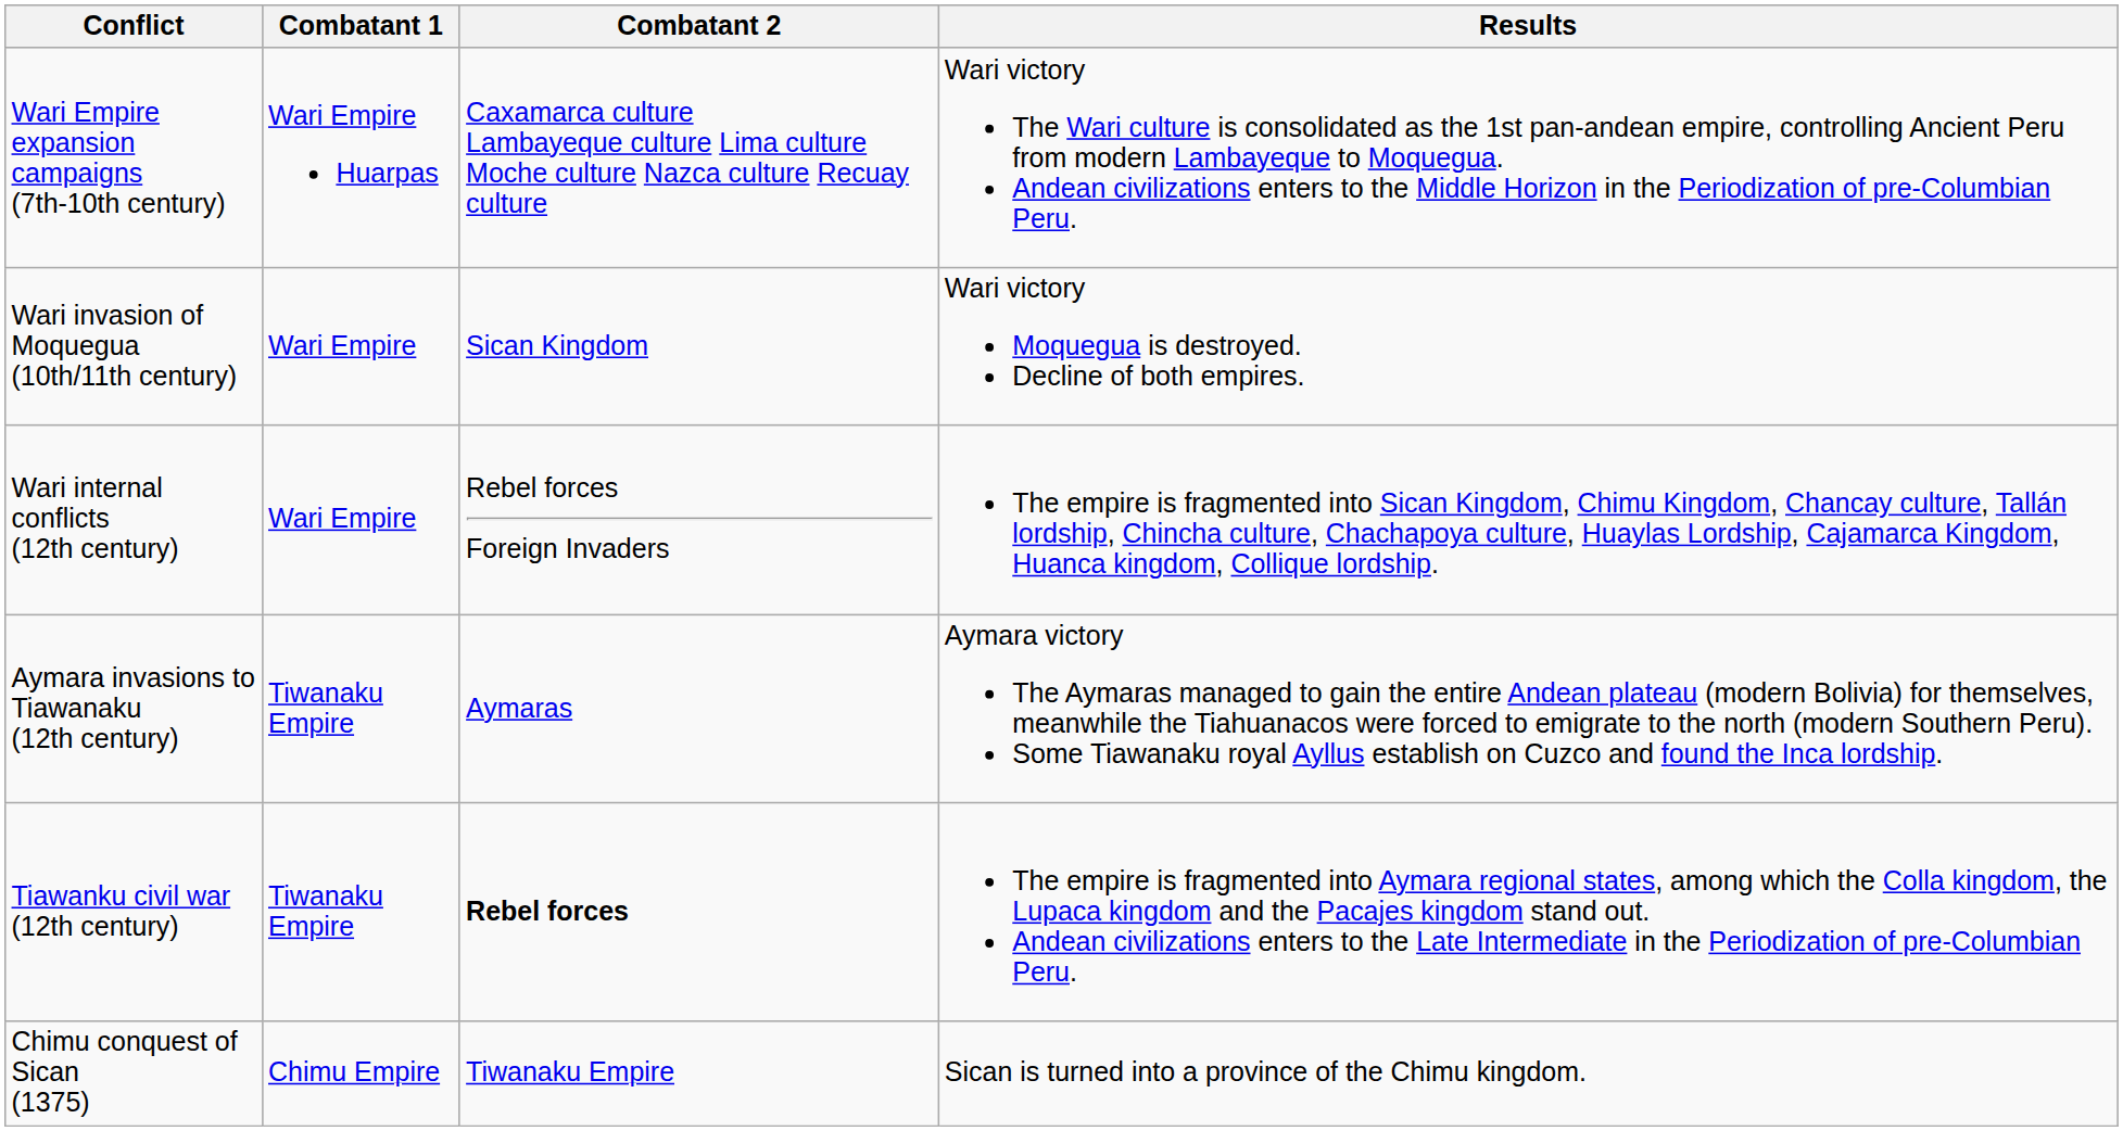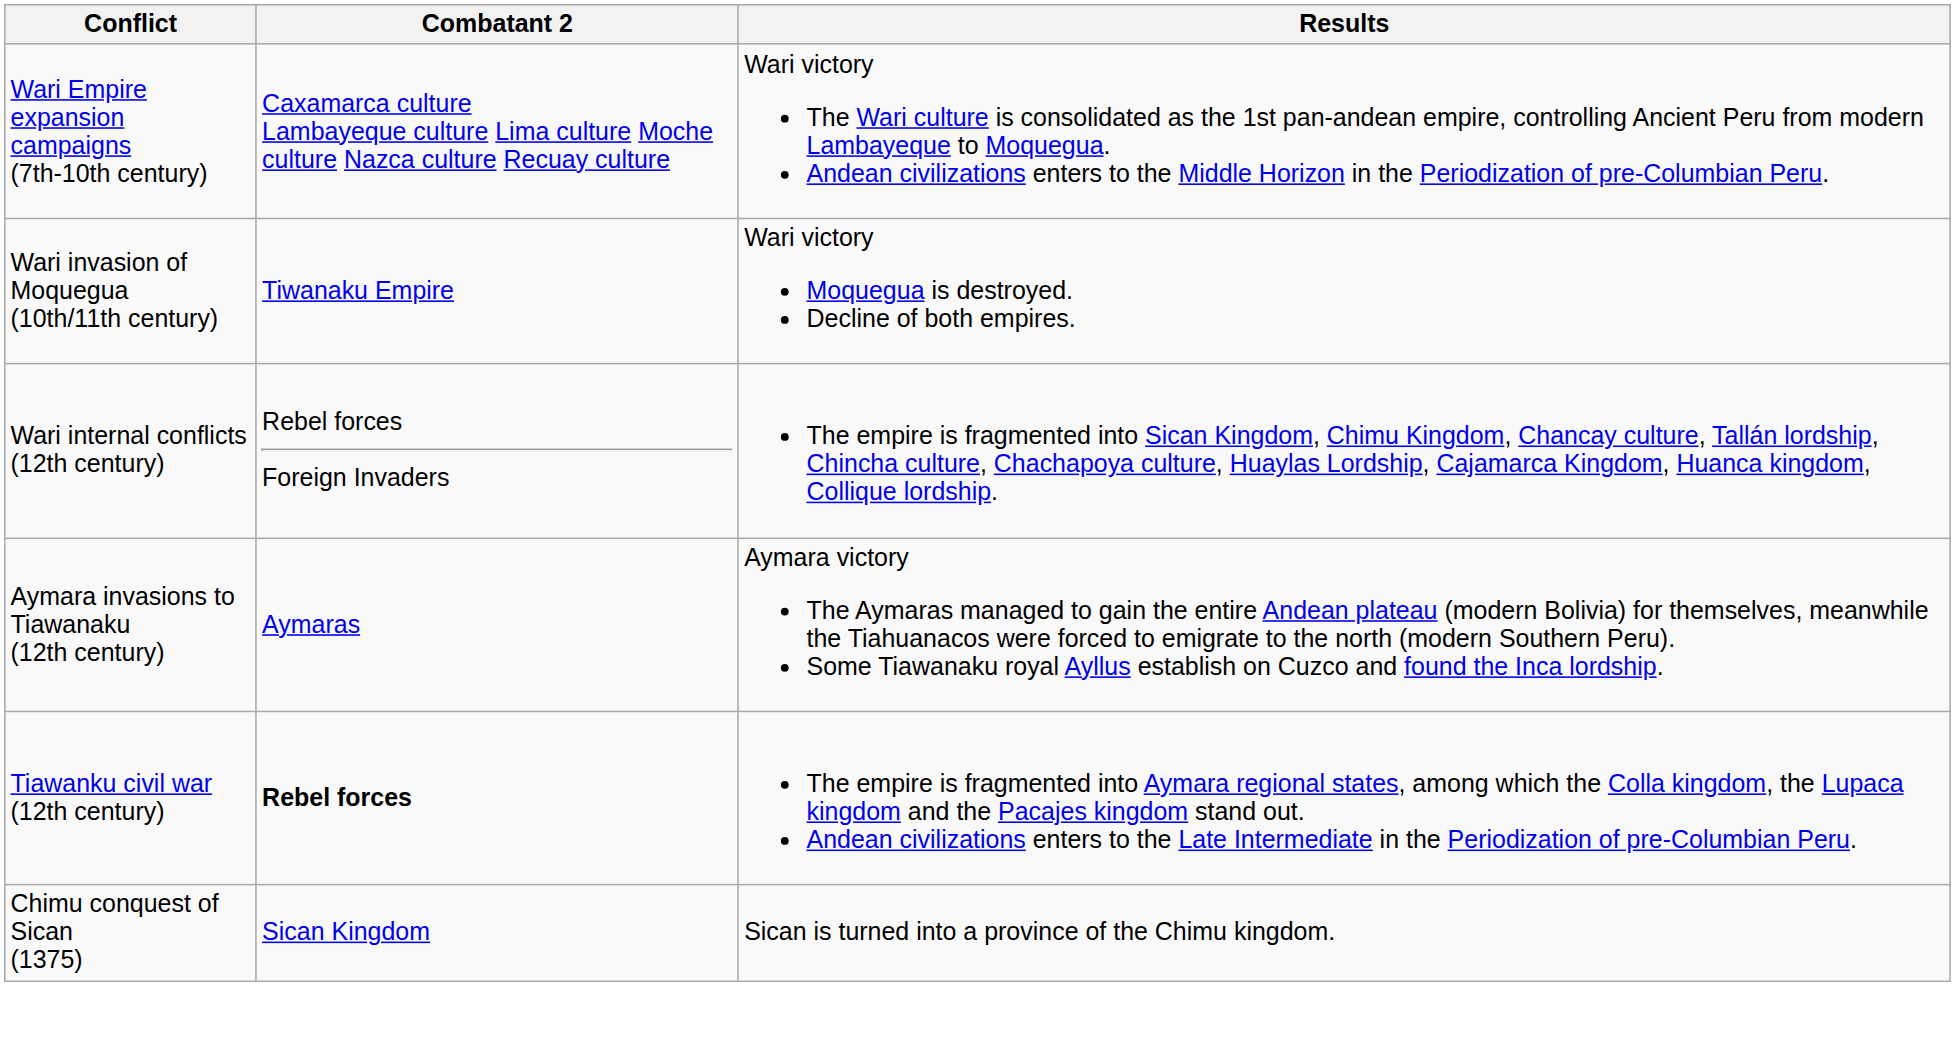 <table class="wikitable">
 <tr>
 <th>Conflict</th>
-<th>Combatant 1</th>
 <th>Combatant 2</th>
 <th>Results</th>
 </tr>
 <tr>
 <td><a href='#'>Wari Empire expansion campaigns</a><br>(7th-10th century)</td>
-<td><a href='#'>Wari Empire</a><br><ul><li><a href='#'>Huarpas</a></li></ul></td>
 <td><a href='#'>Caxamarca culture</a><br><a href='#'>Lambayeque culture</a> <a href='#'>Lima culture</a> <a href='#'>Moche culture</a> <a href='#'>Nazca culture</a> <a href='#'>Recuay culture</a></td>
 <td>Wari victory<br><ul><li>The <a href='#'>Wari culture</a> is consolidated as the 1st pan-andean empire, controlling Ancient Peru from modern <a href='#'>Lambayeque</a> to <a href='#'>Moquegua</a>.</li><li><a href='#'>Andean civilizations</a> enters to the <a href='#'>Middle Horizon</a> in the <a href='#'>Periodization of pre-Columbian Peru</a>.</li></ul></td>
 </tr>
 <tr>
 <td>Wari invasion of Moquegua<br>(10th/11th century)</td>
-<td><a href='#'>Wari Empire</a></td>
-<td><a href='#'>Sican Kingdom</a></td>
+<td><a href='#'>Tiwanaku Empire</a></td>
 <td>Wari victory<br><ul><li><a href='#'>Moquegua</a> is destroyed.</li><li>Decline of both empires.</li></ul></td>
 </tr>
 <tr>
 <td>Wari internal conflicts<br>(12th century)</td>
-<td><a href='#'>Wari Empire</a></td>
 <td>Rebel forces<hr>Foreign Invaders</td>
 <td><br><ul><li>The empire is fragmented into <a href='#'>Sican Kingdom</a>, <a href='#'>Chimu Kingdom</a>, <a href='#'>Chancay culture</a>, <a href='#'>Tallán lordship</a>, <a href='#'>Chincha culture</a>, <a href='#'>Chachapoya culture</a>, <a href='#'>Huaylas Lordship</a>, <a href='#'>Cajamarca Kingdom</a>, <a href='#'>Huanca kingdom</a>, <a href='#'>Collique lordship</a>.</li></ul></td>
 </tr>
 <tr>
 <td>Aymara invasions to Tiawanaku<br>(12th century)</td>
-<td><a href='#'>Tiwanaku Empire</a></td>
 <td><a href='#'>Aymaras</a></td>
 <td>Aymara victory<br><ul><li>The Aymaras managed to gain the entire <a href='#'>Andean plateau</a> (modern Bolivia) for themselves, meanwhile the Tiahuanacos were forced to emigrate to the north (modern Southern Peru).</li><li>Some Tiawanaku royal <a href='#'>Ayllus</a> establish on Cuzco and <a href='#'>found the Inca lordship</a>.</li></ul></td>
 </tr>
 <tr>
 <td><a href='#'>Tiawanku civil war</a><br>(12th century)</td>
-<td><a href='#'>Tiwanaku Empire</a></td>
 <td><strong>Rebel forces</strong></td>
 <td><br><ul><li>The empire is fragmented into <a href='#'>Aymara regional states</a>, among which the <a href='#'>Colla kingdom</a>, the <a href='#'>Lupaca kingdom</a> and the <a href='#'>Pacajes kingdom</a> stand out.</li><li><a href='#'>Andean civilizations</a> enters to the <a href='#'>Late Intermediate</a> in the <a href='#'>Periodization of pre-Columbian Peru</a>.</li></ul></td>
 </tr>
 <tr>
 <td>Chimu conquest of Sican<br>(1375)</td>
-<td><a href='#'>Chimu Empire</a></td>
-<td><a href='#'>Tiwanaku Empire</a></td>
+<td><a href='#'>Sican Kingdom</a></td>
 <td>Sican is turned into a province of the Chimu kingdom.</td>
 </tr>
 </table>
